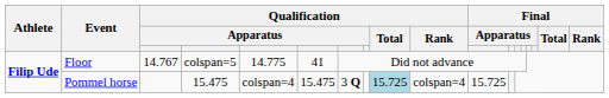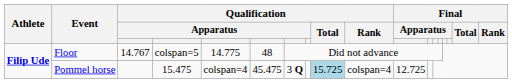 <table class="wikitable" style="font-size:90%">
 <tr>
 <th rowspan=3>Athlete</th>
 <th rowspan=3>Event</th>
 <th colspan =8>Qualification</th>
 <th colspan =8>Final</th>
 </tr>
 <tr style="font-size:95%">
 <th colspan=6>Apparatus</th>
 <th rowspan=2>Total</th>
 <th rowspan=2>Rank</th>
 <th colspan=6>Apparatus</th>
 <th rowspan=2>Total</th>
 <th rowspan=2>Rank</th>
 </tr>
 <tr style="font-size:95%">
 <th></th>
 <th></th>
 <th></th>
 <th></th>
 <th></th>
 <th></th>
 <th></th>
 <th></th>
 <th></th>
 <th></th>
 <th></th>
 <th></th>
 </tr>
 <tr align=center>
 <td align=left rowspan=2><strong><a href='#'>Filip Ude</a></strong></td>
 <td align=left><a href='#'>Floor</a></td>
 <td>14.767</td>
 <td>colspan=5 </td>
 <td>14.775</td>
-<td>41</td>
+<td>48</td>
 <td colspan=8>Did not advance</td>
 </tr>
 <tr align=center>
 <td align=left><a href='#'>Pommel horse</a></td>
 <td></td>
 <td>15.475</td>
 <td>colspan=4 </td>
-<td>15.475</td>
+<td>45.475</td>
 <td>3 <strong>Q</strong></td>
 <td></td>
 <td style="background: lightblue;">15.725</td>
 <td>colspan=4 </td>
-<td>15.725</td>
+<td>12.725</td>
 <td></td>
 </tr>
 </table>
